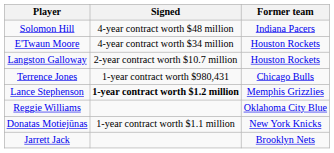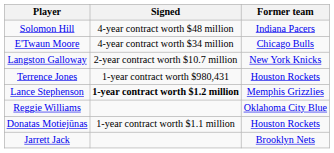 <table class="wikitable sortable sortable" style="text-align: center">
 <tr>
 <th>Player</th>
 <th>Signed</th>
 <th>Former team</th>
 </tr>
 <tr style="text-align: center">
 <td><a href='#'>Solomon Hill</a></td>
 <td>4-year contract worth $48 million</td>
 <td><a href='#'>Indiana Pacers</a></td>
 </tr>
 <tr style="text-align: center">
 <td><a href='#'>E'Twaun Moore</a></td>
 <td>4-year contract worth $34 million</td>
-<td><a href='#'>Houston Rockets</a></td>
+<td><a href='#'>Chicago Bulls</a></td>
 </tr>
 <tr style="text-align: center">
 <td><a href='#'>Langston Galloway</a></td>
 <td>2-year contract worth $10.7 million</td>
-<td><a href='#'>Houston Rockets</a></td>
+<td><a href='#'>New York Knicks</a></td>
 </tr>
 <tr style="text-align: center">
 <td><a href='#'>Terrence Jones</a></td>
 <td>1-year contract worth $980,431</td>
-<td><a href='#'>Chicago Bulls</a></td>
+<td><a href='#'>Houston Rockets</a></td>
 </tr>
 <tr style="text-align: center">
 <td><a href='#'>Lance Stephenson</a></td>
 <td><strong>1-year contract worth $1.2 million</strong></td>
 <td><a href='#'>Memphis Grizzlies</a></td>
 </tr>
 <tr style="text-align: center">
 <td><a href='#'>Reggie Williams</a></td>
 <td></td>
 <td><a href='#'>Oklahoma City Blue</a></td>
 </tr>
 <tr style="text-align: center">
 <td><a href='#'>Donatas Motiejūnas</a></td>
 <td>1-year contract worth $1.1 million</td>
-<td><a href='#'>New York Knicks</a></td>
+<td><a href='#'>Houston Rockets</a></td>
 </tr>
 <tr style="text-align: center">
 <td><a href='#'>Jarrett Jack</a></td>
 <td></td>
 <td><a href='#'>Brooklyn Nets</a></td>
 </tr>
 </table>
